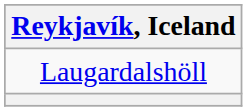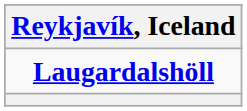 <table class="wikitable", style="text-align:center">
 <tr>
 <th><a href='#'>Reykjavík</a>, Iceland</th>
 </tr>
 <tr>
-<td><a href='#'>Laugardalshöll</a></td>
+<td><strong><a href='#'>Laugardalshöll</a></strong></td>
 </tr>
 <tr>
 <th></th>
 </tr>
 </table>
